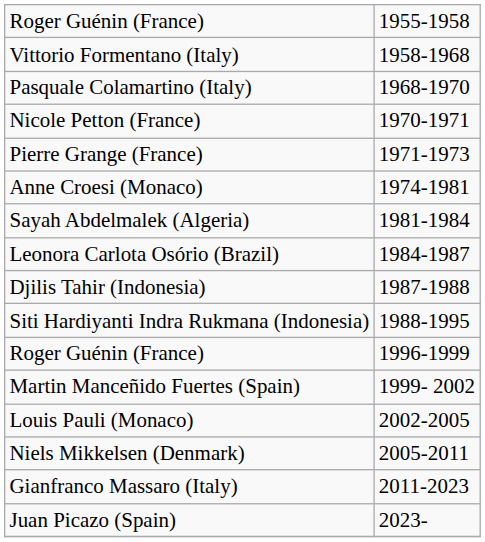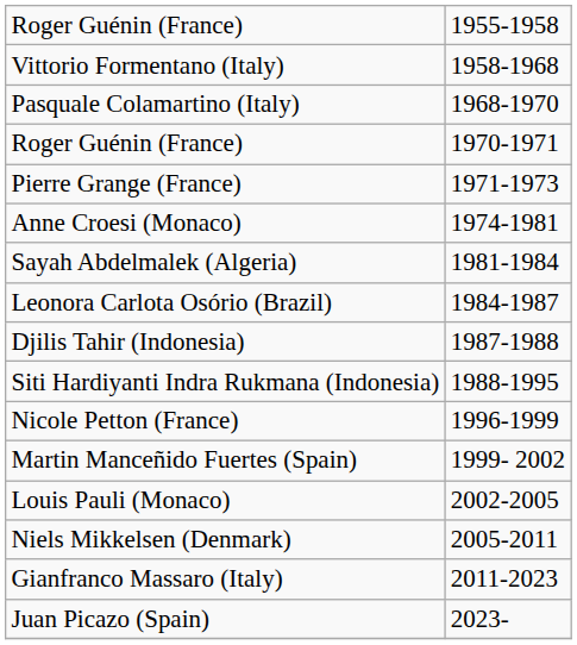 <table class="wikitable">
 <tr>
 <td>Roger Guénin (France) </td>
 <td>1955-1958</td>
 </tr>
 <tr>
 <td>Vittorio Formentano (Italy) </td>
 <td>1958-1968</td>
 </tr>
 <tr>
 <td>Pasquale Colamartino (Italy) </td>
 <td>1968-1970</td>
 </tr>
 <tr>
-<td>Nicole Petton (France) </td>
+<td>Roger Guénin (France) </td>
 <td>1970-1971</td>
 </tr>
 <tr>
 <td>Pierre Grange (France) </td>
 <td>1971-1973</td>
 </tr>
 <tr>
 <td>Anne Croesi (Monaco) </td>
 <td>1974-1981</td>
 </tr>
 <tr>
 <td>Sayah Abdelmalek (Algeria)</td>
 <td>1981-1984</td>
 </tr>
 <tr>
 <td>Leonora Carlota Osório (Brazil) </td>
 <td>1984-1987</td>
 </tr>
 <tr>
 <td>Djilis Tahir (Indonesia) </td>
 <td>1987-1988</td>
 </tr>
 <tr>
 <td>Siti Hardiyanti Indra Rukmana (Indonesia) </td>
 <td>1988-1995</td>
 </tr>
 <tr>
-<td>Roger Guénin (France) </td>
+<td>Nicole Petton (France) </td>
 <td>1996-1999</td>
 </tr>
 <tr>
 <td>Martin Manceñido Fuertes (Spain) </td>
 <td>1999- 2002</td>
 </tr>
 <tr>
 <td>Louis Pauli (Monaco) </td>
 <td>2002-2005</td>
 </tr>
 <tr>
 <td>Niels Mikkelsen (Denmark)  </td>
 <td>2005-2011</td>
 </tr>
 <tr>
 <td>Gianfranco Massaro (Italy) </td>
 <td>2011-2023</td>
 </tr>
 <tr>
 <td>Juan Picazo (Spain) </td>
 <td>2023-</td>
 </tr>
 <tr>
 </tr>
 </table>
